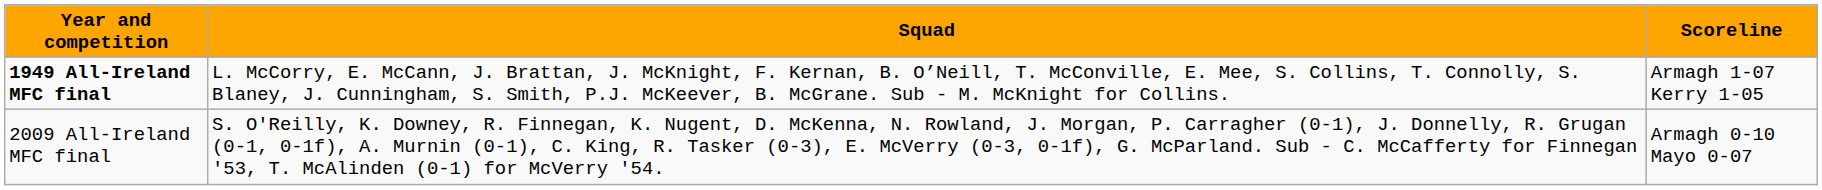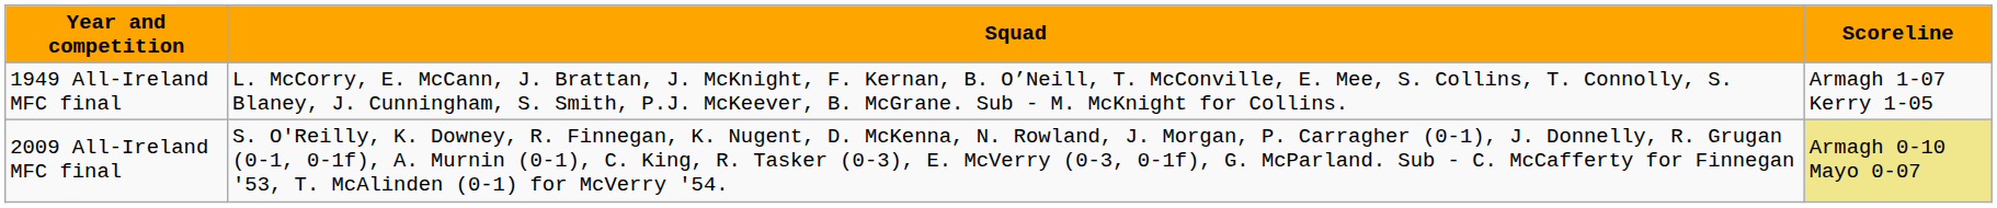 <table class="wikitable">
 <tr>
 <th style="background:orange">Year and competition</th>
 <th style="background:orange">Squad</th>
 <th style="background:orange">Scoreline</th>
 </tr>
 <tr>
-<td><strong>1949 All-Ireland MFC final</strong></td>
+<td>1949 All-Ireland MFC final</td>
 <td>L. McCorry, E. McCann, J. Brattan, J. McKnight, F. Kernan, B. O’Neill, T. McConville, E. Mee, S. Collins, T. Connolly, S. Blaney, J. Cunningham, S. Smith, P.J. McKeever, B. McGrane. Sub - M. McKnight for Collins.</td>
 <td>Armagh 1-07 Kerry 1-05</td>
 </tr>
 <tr>
 <td>2009 All-Ireland MFC final</td>
 <td>S. O'Reilly, K. Downey, R. Finnegan, K. Nugent, D. McKenna, N. Rowland, J. Morgan, P. Carragher (0-1), J. Donnelly, R. Grugan (0-1, 0-1f), A. Murnin (0-1), C. King, R. Tasker (0-3), E. McVerry (0-3, 0-1f), G. McParland. Sub - C. McCafferty for Finnegan '53, T. McAlinden (0-1) for McVerry '54.</td>
-<td>Armagh 0-10 Mayo 0-07</td>
+<td style="background: khaki;">Armagh 0-10 Mayo 0-07</td>
 </tr>
 </table>
